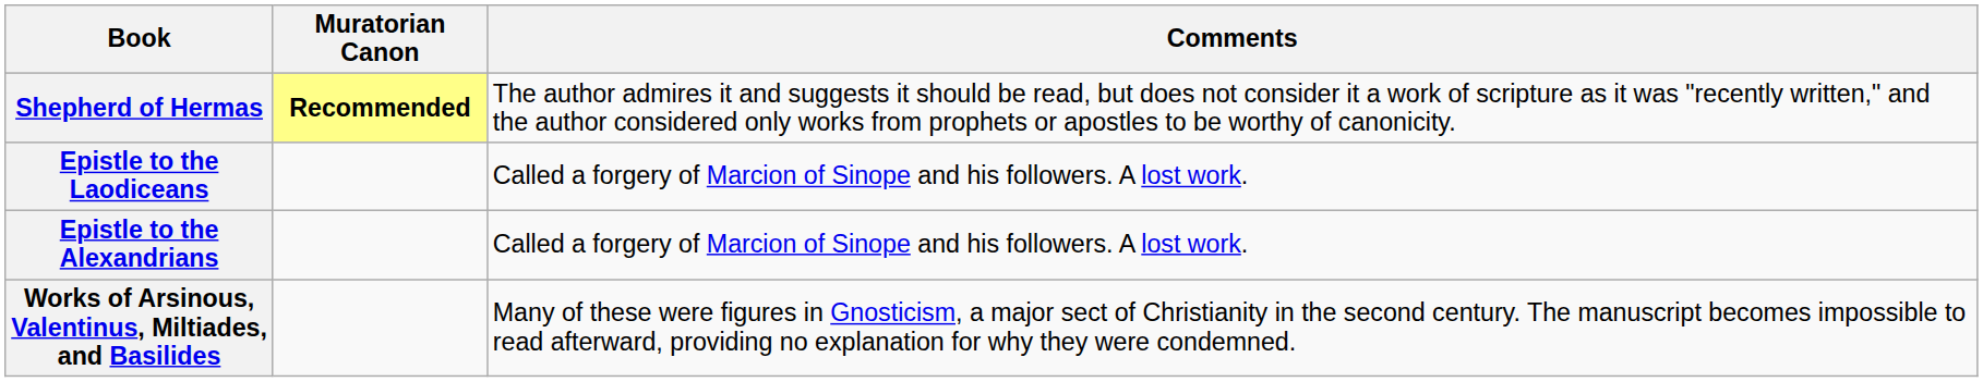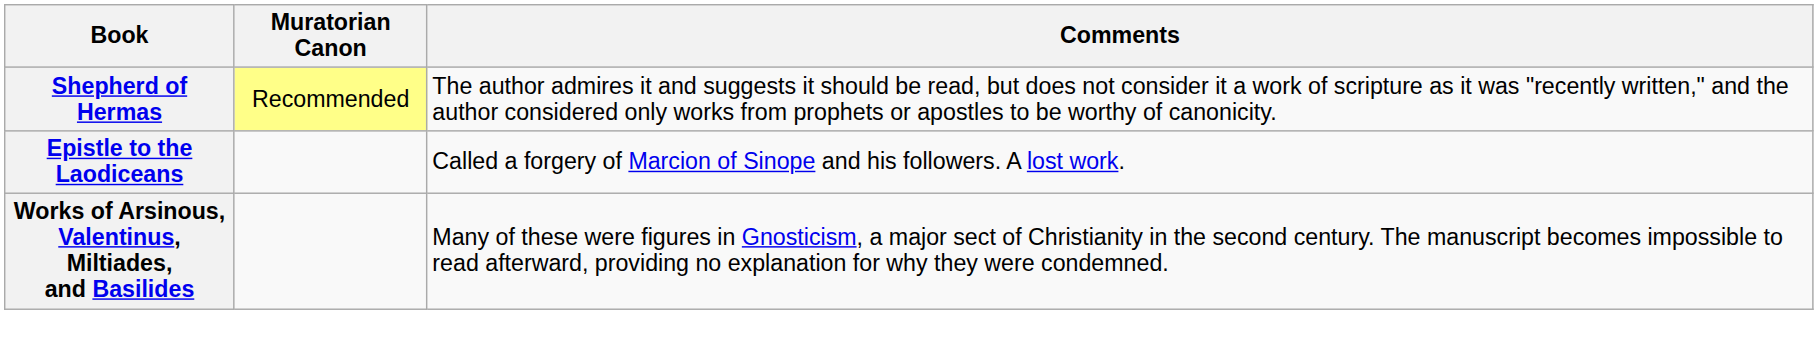 <table class="wikitable">
 <tr>
 <th>Book</th>
 <th>Muratorian Canon</th>
 <th>Comments</th>
 </tr>
 <tr>
 <th><a href='#'>Shepherd of Hermas</a></th>
-<td style="background: #FF8; vertical-align: middle; text-align: center"><strong>Recommended</strong></td>
+<td style="background: #FF8; vertical-align: middle; text-align: center">Recommended</td>
 <td>The author admires it and suggests it should be read, but does not consider it a work of scripture as it was "recently written," and the author considered only works from prophets or apostles to be worthy of canonicity.</td>
 </tr>
 <tr>
 <th><a href='#'>Epistle to the Laodiceans</a></th>
-<td></td>
-<td>Called a forgery of <a href='#'>Marcion of Sinope</a> and his followers.  A <a href='#'>lost work</a>.</td>
-</tr>
-<tr>
-<th><a href='#'>Epistle to the Alexandrians</a></th>
 <td></td>
 <td>Called a forgery of <a href='#'>Marcion of Sinope</a> and his followers.  A <a href='#'>lost work</a>.</td>
 </tr>
 <tr>
 <th>Works of Arsinous,<br><a href='#'>Valentinus</a>, Miltiades,<br>and <a href='#'>Basilides</a></th>
 <td></td>
 <td>Many of these were figures in <a href='#'>Gnosticism</a>, a major sect of Christianity in the second century. The manuscript becomes impossible to read afterward, providing no explanation for why they were condemned.</td>
 </tr>
 </table>
